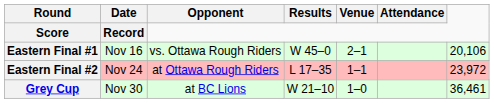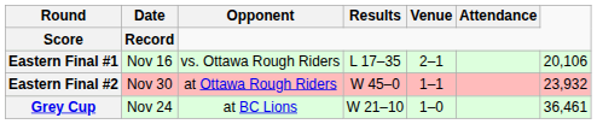 <table class="wikitable" style="text-align:center">
 <tr>
 <th>Round</th>
 <th>Date</th>
 <th>Opponent</th>
 <th>Results</th>
 <th>Venue</th>
 <th>Attendance</th>
 </tr>
 <tr>
 <th>Score</th>
 <th>Record</th>
 </tr>
 <tr style="background:#ddffdd">
 <th>Eastern Final #1</th>
 <td>Nov 16</td>
 <td>vs. Ottawa Rough Riders</td>
-<td>W 45–0</td>
+<td>L 17–35</td>
 <td>2–1</td>
 <td></td>
 <td>20,106</td>
 </tr>
 <tr style="background:#ffbbbb">
 <th>Eastern Final #2</th>
-<td>Nov 24</td>
+<td>Nov 30</td>
 <td>at <a href='#'>Ottawa Rough Riders</a></td>
-<td>L 17–35</td>
+<td>W 45–0</td>
 <td>1–1</td>
 <td></td>
-<td>23,972</td>
+<td>23,932</td>
 </tr>
 <tr style="background:#ddffdd">
 <th><a href='#'>Grey Cup</a></th>
-<td>Nov 30</td>
+<td>Nov 24</td>
 <td>at <a href='#'>BC Lions</a></td>
 <td>W 21–10</td>
 <td>1–0</td>
 <td></td>
 <td>36,461</td>
 </tr>
 </table>
